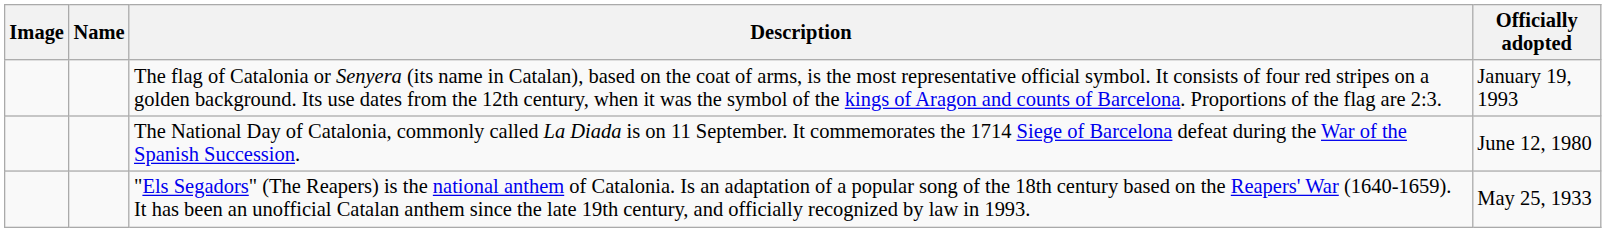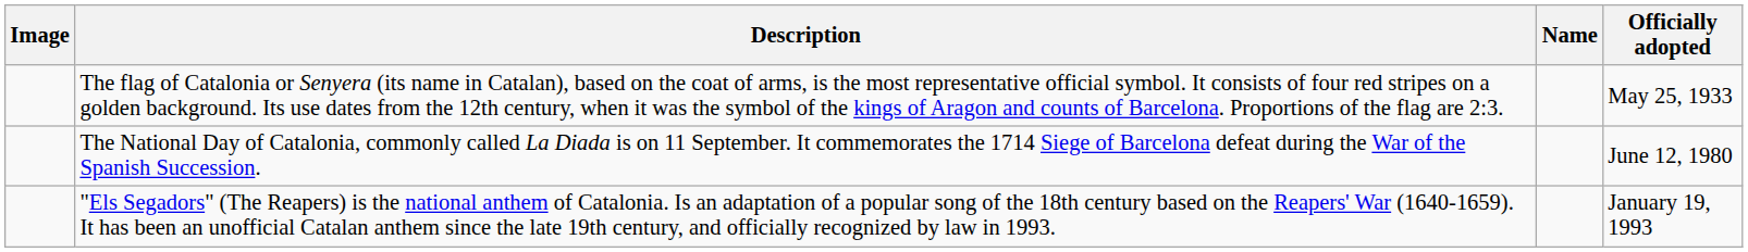 <table class="wikitable">
 <tr>
 <th>Image</th>
+<th>Description</th>
 <th>Name</th>
-<th>Description</th>
 <th>Officially adopted</th>
 </tr>
 <tr>
 <td></td>
+<td>The flag of Catalonia or <em>Senyera</em> (its name in Catalan), based on the coat of arms, is the most representative official symbol. It consists of four red stripes on a golden background. Its use dates from the 12th century, when it was the symbol of the <a href='#'>kings of Aragon and counts of Barcelona</a>. Proportions of the flag are 2:3.</td>
 <td></td>
-<td>The flag of Catalonia or <em>Senyera</em> (its name in Catalan), based on the coat of arms, is the most representative official symbol. It consists of four red stripes on a golden background. Its use dates from the 12th century, when it was the symbol of the <a href='#'>kings of Aragon and counts of Barcelona</a>. Proportions of the flag are 2:3.</td>
-<td>January 19, 1993</td>
+<td>May 25, 1933</td>
 </tr>
 <tr>
 <td></td>
+<td>The National Day of Catalonia, commonly called <em>La Diada</em> is on 11 September. It commemorates the 1714 <a href='#'>Siege of Barcelona</a> defeat during the <a href='#'>War of the Spanish Succession</a>.</td>
 <td></td>
-<td>The National Day of Catalonia, commonly called <em>La Diada</em> is on 11 September. It commemorates the 1714 <a href='#'>Siege of Barcelona</a> defeat during the <a href='#'>War of the Spanish Succession</a>.</td>
 <td>June 12, 1980</td>
 </tr>
 <tr>
 <td></td>
+<td>"<a href='#'>Els Segadors</a>" (The Reapers) is the <a href='#'>national anthem</a> of Catalonia. Is an adaptation of a popular song of the 18th century based on the <a href='#'>Reapers' War</a> (1640-1659). It has been an unofficial Catalan anthem since the late 19th century, and officially recognized by law in 1993.</td>
 <td></td>
-<td>"<a href='#'>Els Segadors</a>" (The Reapers) is the <a href='#'>national anthem</a> of Catalonia. Is an adaptation of a popular song of the 18th century based on the <a href='#'>Reapers' War</a> (1640-1659). It has been an unofficial Catalan anthem since the late 19th century, and officially recognized by law in 1993.</td>
-<td>May 25, 1933</td>
+<td>January 19, 1993</td>
 </tr>
 </table>
